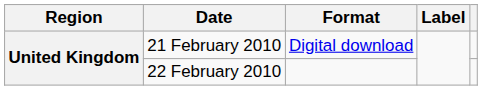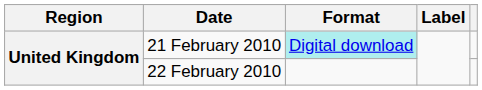 <table class="wikitable plainrowheaders">
 <tr>
 <th scope="col">Region</th>
 <th scope="col">Date</th>
 <th scope="col">Format</th>
 <th scope="col">Label</th>
 <th scope="col"></th>
 </tr>
 <tr>
 <th scope="row" rowspan="2">United Kingdom</th>
 <td>21 February 2010</td>
-<td><a href='#'>Digital download</a></td>
+<td style="background: paleturquoise;"><a href='#'>Digital download</a></td>
 <td rowspan="2"></td>
 <td align="center"></td>
 </tr>
 <tr>
 <td>22 February 2010</td>
 <td></td>
 <td align="center"></td>
 </tr>
 </table>
